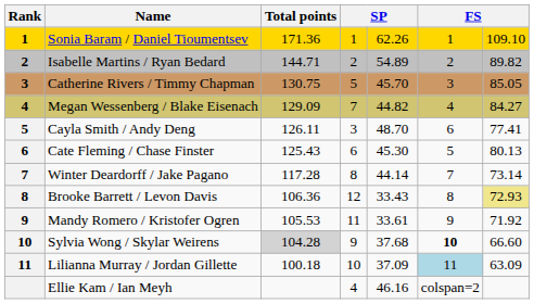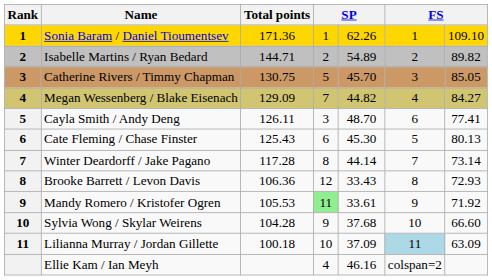 <table class="wikitable sortable">
 <tr>
 <th>Rank</th>
 <th>Name</th>
 <th>Total points</th>
 <th colspan="2" width="80px"><a href='#'>SP</a></th>
 <th colspan="2" width="80px"><a href='#'>FS</a></th>
 </tr>
 <tr bgcolor="gold">
 <td align="center"><strong>1</strong></td>
 <td><a href='#'>Sonia Baram</a> / <a href='#'>Daniel Tioumentsev</a></td>
 <td align="center">171.36</td>
 <td align="center">1</td>
 <td align="center">62.26</td>
 <td align="center">1</td>
 <td align="center">109.10</td>
 </tr>
 <tr bgcolor="silver">
 <td align="center"><strong>2</strong></td>
 <td>Isabelle Martins / Ryan Bedard</td>
 <td align="center">144.71</td>
 <td align="center">2</td>
 <td align="center">54.89</td>
 <td align="center">2</td>
 <td align="center">89.82</td>
 </tr>
 <tr bgcolor="cc9966">
 <td align="center"><strong>3</strong></td>
 <td>Catherine Rivers / Timmy Chapman</td>
 <td align="center">130.75</td>
 <td align="center">5</td>
 <td align="center">45.70</td>
 <td align="center">3</td>
 <td align="center">85.05</td>
 </tr>
 <tr bgcolor="#d1c571">
 <td align="center"><strong>4</strong></td>
 <td>Megan Wessenberg / Blake Eisenach</td>
 <td align="center">129.09</td>
 <td align="center">7</td>
 <td align="center">44.82</td>
 <td align="center">4</td>
 <td align="center">84.27</td>
 </tr>
 <tr>
 <th>5</th>
 <td>Cayla Smith / Andy Deng</td>
 <td align="center">126.11</td>
 <td align="center">3</td>
 <td align="center">48.70</td>
 <td align="center">6</td>
 <td align="center">77.41</td>
 </tr>
 <tr>
 <th>6</th>
 <td>Cate Fleming / Chase Finster</td>
 <td align="center">125.43</td>
 <td align="center">6</td>
 <td align="center">45.30</td>
 <td align="center">5</td>
 <td align="center">80.13</td>
 </tr>
 <tr>
 <th>7</th>
 <td>Winter Deardorff / Jake Pagano</td>
 <td align="center">117.28</td>
 <td align="center">8</td>
 <td align="center">44.14</td>
 <td align="center">7</td>
 <td align="center">73.14</td>
 </tr>
 <tr>
 <th>8</th>
 <td>Brooke Barrett / Levon Davis</td>
 <td align="center">106.36</td>
 <td align="center">12</td>
 <td align="center">33.43</td>
 <td align="center">8</td>
-<td align="center" style="background: khaki;">72.93</td>
+<td align="center">72.93</td>
 </tr>
 <tr>
 <th>9</th>
 <td>Mandy Romero / Kristofer Ogren</td>
 <td align="center">105.53</td>
-<td align="center">11</td>
+<td align="center" style="background: lightgreen;">11</td>
 <td align="center">33.61</td>
 <td align="center">9</td>
 <td align="center">71.92</td>
 </tr>
 <tr>
 <th>10</th>
 <td>Sylvia Wong / Skylar Weirens</td>
-<td align="center" style="background: lightgrey;">104.28</td>
+<td align="center">104.28</td>
 <td align="center">9</td>
 <td align="center">37.68</td>
-<td align="center"><strong>10</strong></td>
+<td align="center">10</td>
 <td align="center">66.60</td>
 </tr>
 <tr>
 <th>11</th>
 <td>Lilianna Murray / Jordan Gillette</td>
 <td align="center">100.18</td>
 <td align="center">10</td>
 <td align="center">37.09</td>
 <td align="center" style="background: lightblue;">11</td>
 <td align="center">63.09</td>
 </tr>
 <tr>
 <th></th>
 <td>Ellie Kam / Ian Meyh</td>
 <td></td>
 <td align="center">4</td>
 <td align="center">46.16</td>
 <td>colspan=2 </td>
 </tr>
 </table>
